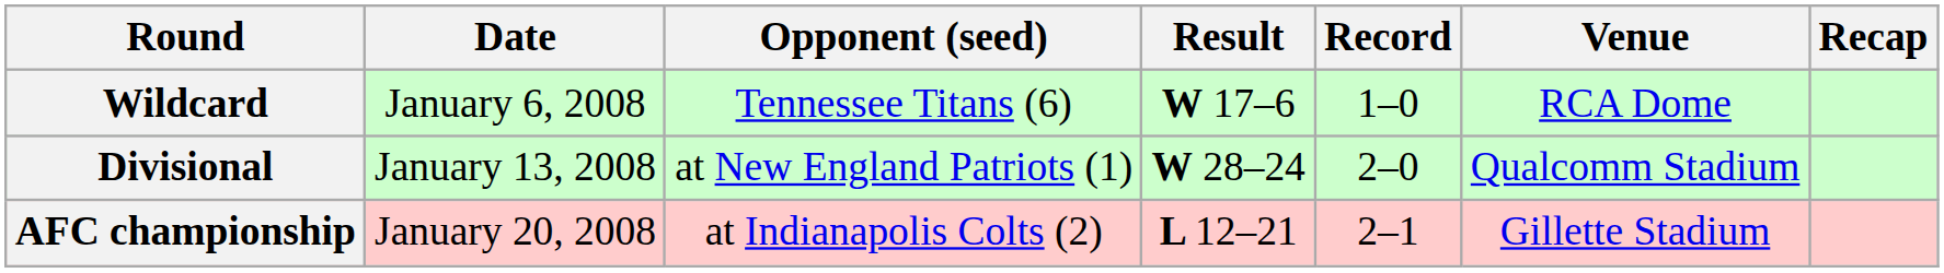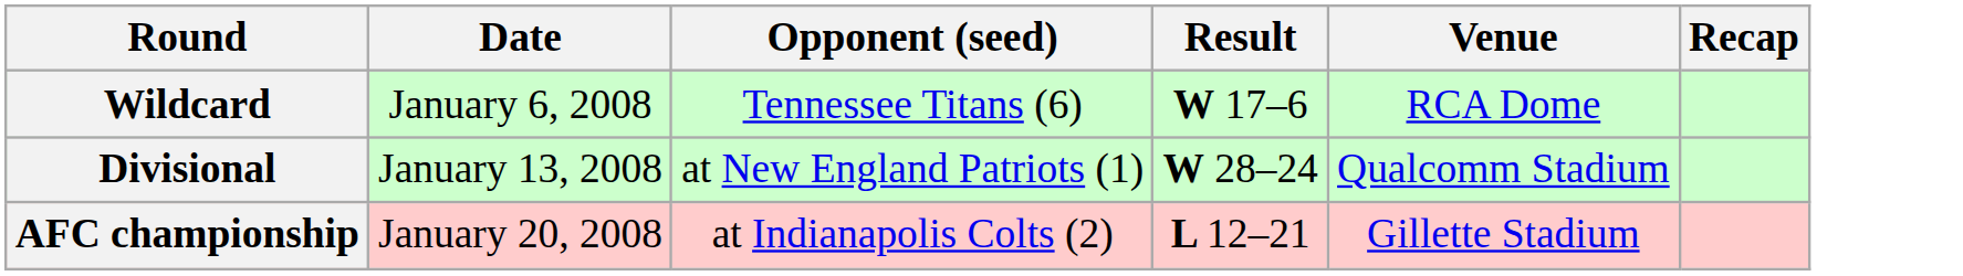 <table class="wikitable" style="text-align:center">
 <tr>
 <th>Round</th>
 <th>Date</th>
 <th>Opponent (seed)</th>
 <th>Result</th>
-<th>Record</th>
 <th>Venue</th>
 <th>Recap</th>
 </tr>
 <tr style="background:#cfc">
 <th>Wildcard</th>
 <td>January 6, 2008</td>
 <td><a href='#'>Tennessee Titans</a> (6)</td>
 <td><strong>W</strong> 17–6</td>
-<td>1–0</td>
 <td><a href='#'>RCA Dome</a></td>
 <td></td>
 </tr>
 <tr style="background:#cfc; text-align:center;">
 <th>Divisional</th>
 <td>January 13, 2008</td>
 <td>at <a href='#'>New England Patriots</a> (1)</td>
 <td><strong>W</strong> 28–24</td>
-<td>2–0</td>
 <td><a href='#'>Qualcomm Stadium</a></td>
 <td></td>
 </tr>
 <tr style="background:#fcc; text-align:center;">
 <th>AFC championship</th>
 <td>January 20, 2008</td>
 <td>at <a href='#'>Indianapolis Colts</a> (2)</td>
 <td><strong>L </strong> 12–21</td>
-<td>2–1</td>
 <td><a href='#'>Gillette Stadium</a></td>
 <td></td>
 </tr>
 </table>
